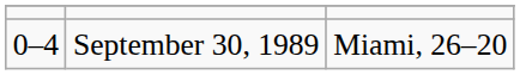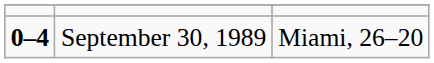 <table class="wikitable">
 <tr align="center">
 </tr>
 <tr>
 <td></td>
 <td></td>
 <td></td>
 </tr>
 <tr align="center">
-<td>0–4</td>
+<td><strong>0–4</strong></td>
 <td>September 30, 1989</td>
 <td>Miami, 26–20</td>
 </tr>
 </table>
